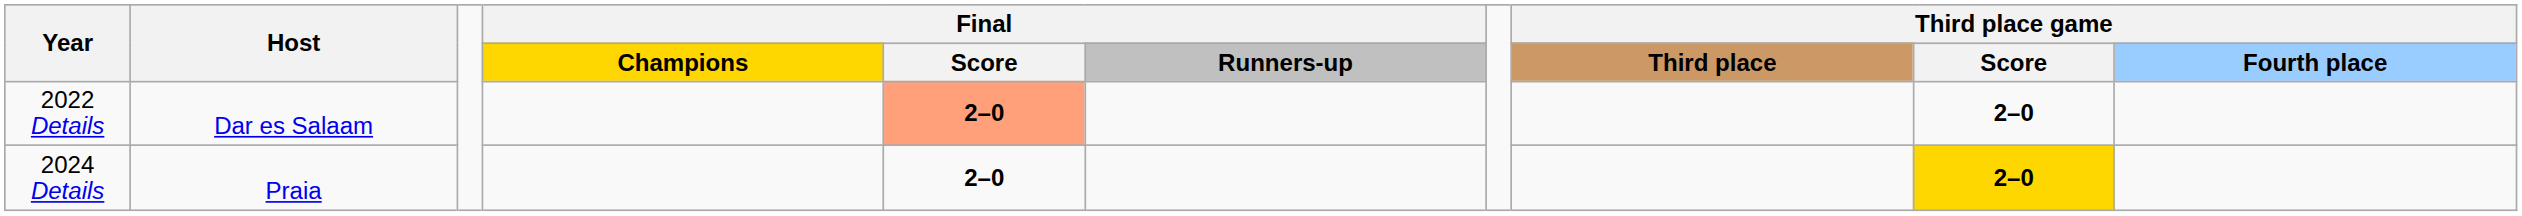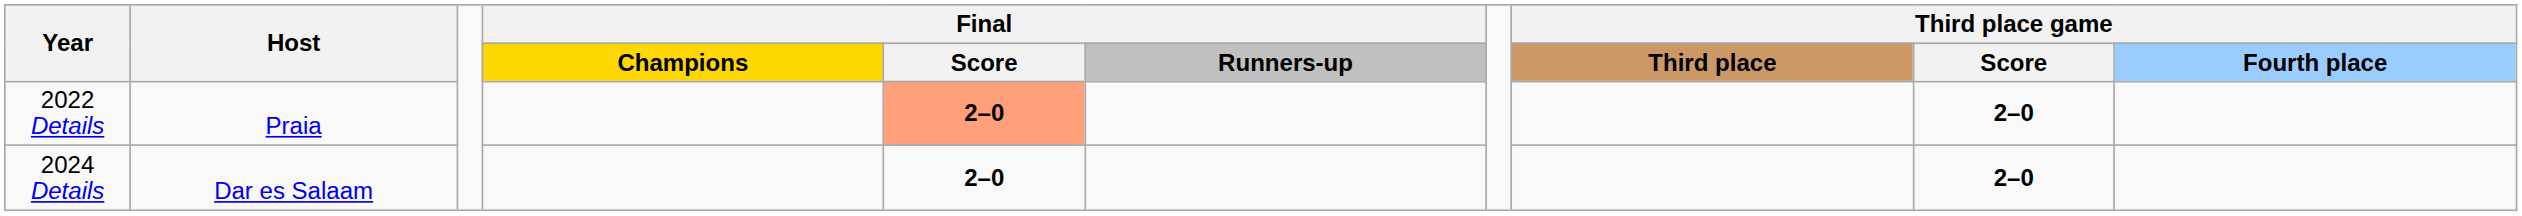 <table class="wikitable" style="font-size:90%; text-align: center;" width="95%">
 <tr>
 <th rowspan="2" style="width:5%;">Year</th>
 <th rowspan="2" style="width:13%;">Host</th>
 <td rowspan="4" style="width:1%; border-top:none; border-bottom:none;"></td>
 <th colspan="3">Final</th>
 <td rowspan="4" style="width:1%; border-top:none; border-bottom:none;"></td>
 <th colspan="3">Third place game</th>
 </tr>
 <tr>
 <th style="width:16%; background:Gold;">Champions</th>
 <th width=8%>Score</th>
 <th style="width:16%; background:Silver;">Runners-up</th>
 <th style="width:16%; background:#c96;">Third place</th>
 <th width=8%>Score</th>
 <th style="width:16%; background:#9acdff;">Fourth place</th>
 </tr>
 <tr>
 <td>2022<br><em><a href='#'>Details</a></em></td>
-<td><br><a href='#'>Dar es Salaam</a></td>
+<td><br><a href='#'>Praia</a></td>
 <td><strong></strong></td>
 <td style="background: lightsalmon;"><strong>2–0</strong></td>
 <td></td>
 <td></td>
 <td><strong>2–0</strong></td>
 <td></td>
 </tr>
 <tr>
 <td>2024<br><em><a href='#'>Details</a></em></td>
-<td><br><a href='#'>Praia</a></td>
+<td><br><a href='#'>Dar es Salaam</a></td>
 <td><strong></strong></td>
 <td><strong>2–0</strong></td>
 <td></td>
 <td></td>
-<td style="background: gold;"><strong>2–0</strong></td>
+<td><strong>2–0</strong></td>
 <td></td>
 </tr>
 </table>
